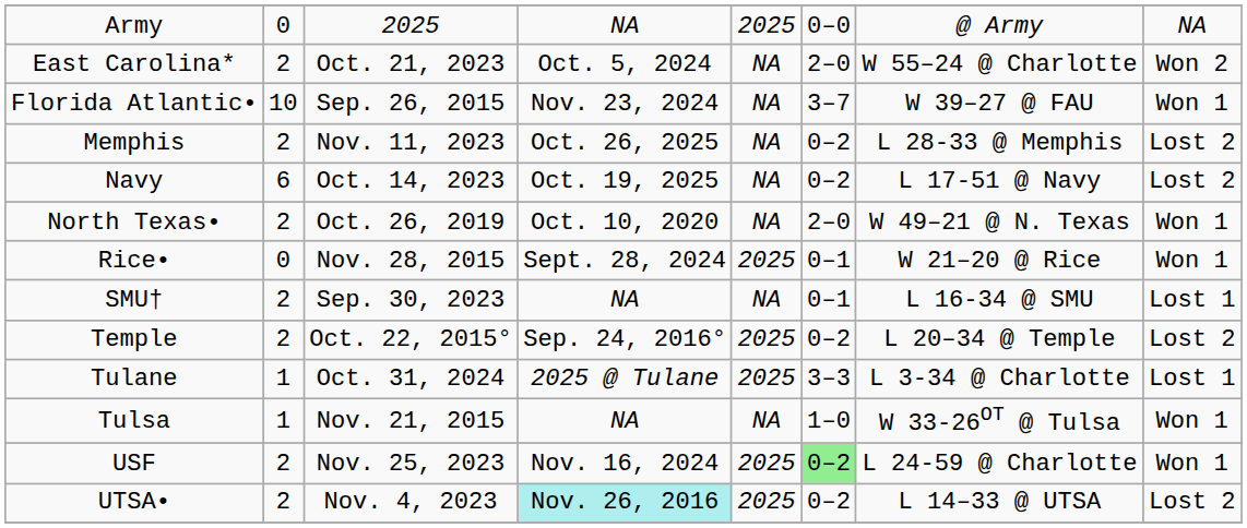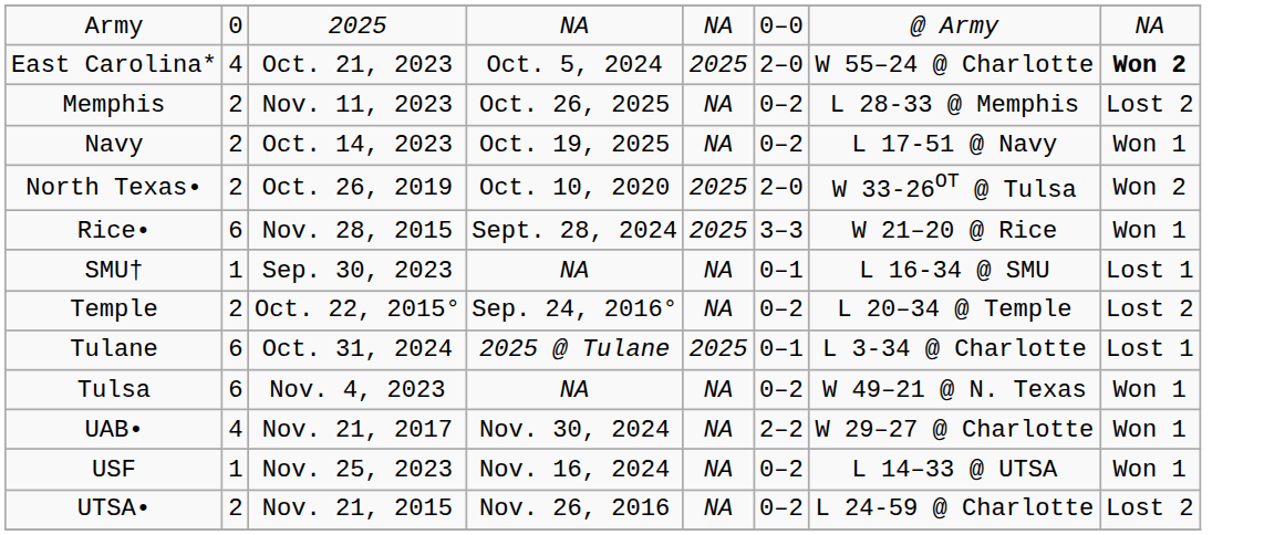 <table class="wikitable mw-collapsible mw-collapsed">
 <tr>
 </tr>
 <tr style="text-align:center;">
 <td>Army</td>
 <td>0</td>
 <td><em>2025</em></td>
 <td><em>NA</em></td>
-<td><em>2025</em></td>
+<td><em>NA</em></td>
 <td>0–0</td>
 <td><em>@ Army</em></td>
 <td><em>NA</em></td>
 </tr>
 <tr style="text-align:center;">
 <td>East Carolina*</td>
-<td>2</td>
+<td>4</td>
 <td>Oct. 21, 2023</td>
 <td>Oct. 5, 2024</td>
-<td><em>NA</em></td>
+<td><em>2025</em></td>
 <td>2–0</td>
 <td>W 55–24 @ Charlotte</td>
-<td>Won 2</td>
-</tr>
-<tr style="text-align:center;">
-<td>Florida Atlantic•</td>
-<td>10</td>
-<td>Sep. 26, 2015</td>
-<td>Nov. 23, 2024</td>
-<td><em>NA</em></td>
-<td>3–7</td>
-<td>W 39–27 @ FAU</td>
-<td>Won 1</td>
+<td><strong>Won 2</strong></td>
 </tr>
 <tr style="text-align:center;">
 <td>Memphis</td>
 <td>2</td>
 <td>Nov. 11, 2023</td>
 <td>Oct. 26, 2025</td>
 <td><em>NA</em></td>
 <td>0–2</td>
 <td>L 28-33 @ Memphis</td>
 <td>Lost 2</td>
 </tr>
 <tr style="text-align:center;">
 <td>Navy</td>
-<td>6</td>
+<td>2</td>
 <td>Oct. 14, 2023</td>
 <td>Oct. 19, 2025</td>
 <td><em>NA</em></td>
 <td>0–2</td>
 <td>L 17-51 @ Navy</td>
-<td>Lost 2</td>
+<td>Won 1</td>
 </tr>
 <tr style="text-align:center;">
 <td>North Texas•</td>
 <td>2</td>
 <td>Oct. 26, 2019</td>
 <td>Oct. 10, 2020</td>
-<td><em>NA</em></td>
+<td><em>2025</em></td>
 <td>2–0</td>
-<td>W 49–21 @ N. Texas</td>
-<td>Won 1</td>
+<td>W 33-26<sup>OT</sup> @ Tulsa</td>
+<td>Won 2</td>
 </tr>
 <tr style="text-align:center;">
 <td>Rice•</td>
-<td>0</td>
+<td>6</td>
 <td>Nov. 28, 2015</td>
 <td>Sept. 28, 2024</td>
 <td><em>2025</em></td>
-<td>0–1</td>
+<td>3–3</td>
 <td>W 21–20 @ Rice</td>
 <td>Won 1</td>
 </tr>
 <tr style="text-align:center;">
 <td>SMU†</td>
-<td>2</td>
+<td>1</td>
 <td>Sep. 30, 2023</td>
 <td><em>NA</em></td>
 <td><em>NA</em></td>
 <td>0–1</td>
 <td>L 16-34 @ SMU</td>
 <td>Lost 1</td>
 </tr>
 <tr style="text-align:center;">
 <td>Temple</td>
 <td>2</td>
 <td>Oct. 22, 2015°</td>
 <td>Sep. 24, 2016°</td>
-<td><em>2025</em></td>
+<td><em>NA</em></td>
 <td>0–2</td>
 <td>L 20–34 @ Temple</td>
 <td>Lost 2</td>
 </tr>
 <tr style="text-align:center;">
 <td>Tulane</td>
-<td>1</td>
+<td>6</td>
 <td>Oct. 31, 2024</td>
 <td><em>2025 @ Tulane</em></td>
 <td><em>2025</em></td>
-<td>3–3</td>
+<td>0–1</td>
 <td>L 3-34 @ Charlotte</td>
 <td>Lost 1</td>
 </tr>
 <tr style="text-align:center;">
 <td>Tulsa</td>
-<td>1</td>
-<td>Nov. 21, 2015</td>
+<td>6</td>
+<td>Nov. 4, 2023</td>
 <td><em>NA</em></td>
 <td><em>NA</em></td>
-<td>1–0</td>
-<td>W 33-26<sup>OT</sup> @ Tulsa</td>
+<td>0–2</td>
+<td>W 49–21 @ N. Texas</td>
+<td>Won 1</td>
+</tr>
+<tr style="text-align:center;">
+<td>UAB•</td>
+<td>4</td>
+<td>Nov. 21, 2017</td>
+<td>Nov. 30, 2024</td>
+<td><em>NA</em></td>
+<td>2–2</td>
+<td>W 29–27 @ Charlotte</td>
 <td>Won 1</td>
 </tr>
 <tr style="text-align:center;">
 <td>USF</td>
-<td>2</td>
+<td>1</td>
 <td>Nov. 25, 2023</td>
 <td>Nov. 16, 2024</td>
-<td><em>2025</em></td>
-<td style="background: lightgreen;">0–2</td>
-<td>L 24-59 @ Charlotte</td>
+<td><em>NA</em></td>
+<td>0–2</td>
+<td>L 14–33 @ UTSA</td>
 <td>Won 1</td>
 </tr>
 <tr style="text-align:center;">
 <td>UTSA•</td>
 <td>2</td>
-<td>Nov. 4, 2023</td>
-<td style="background: paleturquoise;">Nov. 26, 2016</td>
-<td><em>2025</em></td>
+<td>Nov. 21, 2015</td>
+<td>Nov. 26, 2016</td>
+<td><em>NA</em></td>
 <td>0–2</td>
-<td>L 14–33 @ UTSA</td>
+<td>L 24-59 @ Charlotte</td>
 <td>Lost 2</td>
 </tr>
 <tr style="text-align:center;">
 </tr>
 </table>
